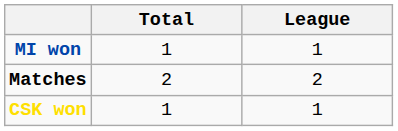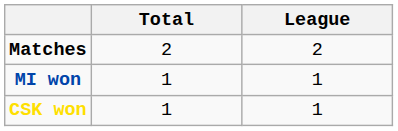 <table class="wikitable" style="text-align:center;">
 <tr>
 <th></th>
 <th style="width:100px;">Total</th>
 <th style="width:100px;">League</th>
 </tr>
 <tr>
+<td><strong>Matches</strong></td>
+<td>2</td>
+<td>2</td>
+</tr>
+<tr>
 <td style="color:#0044AA;"><strong>MI won</strong></td>
 <td>1</td>
 <td>1</td>
-</tr>
-<tr>
-<td><strong>Matches</strong></td>
-<td>2</td>
-<td>2</td>
 </tr>
 <tr>
 <td style="color:#FEDF00;"><strong>CSK won</strong></td>
 <td>1</td>
 <td>1</td>
 </tr>
 </table>
